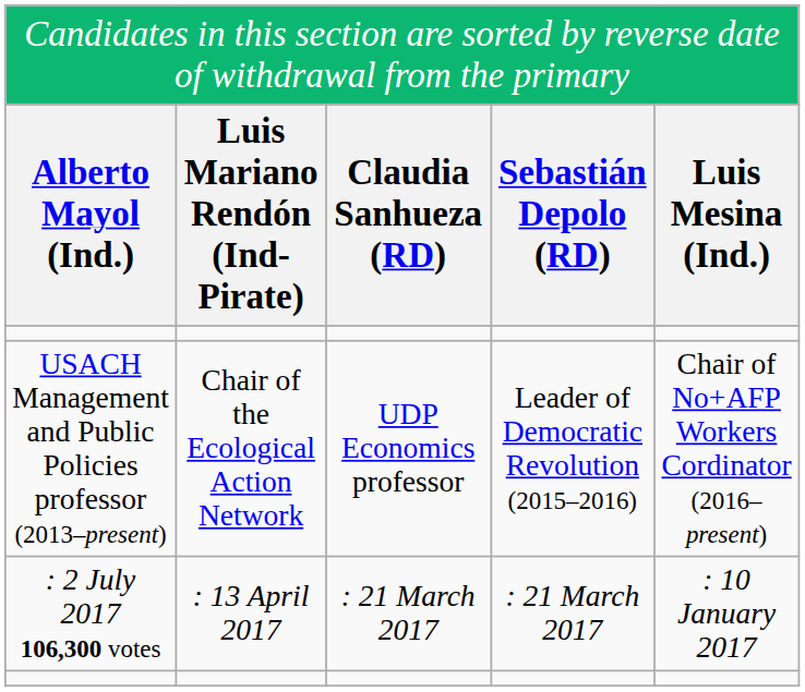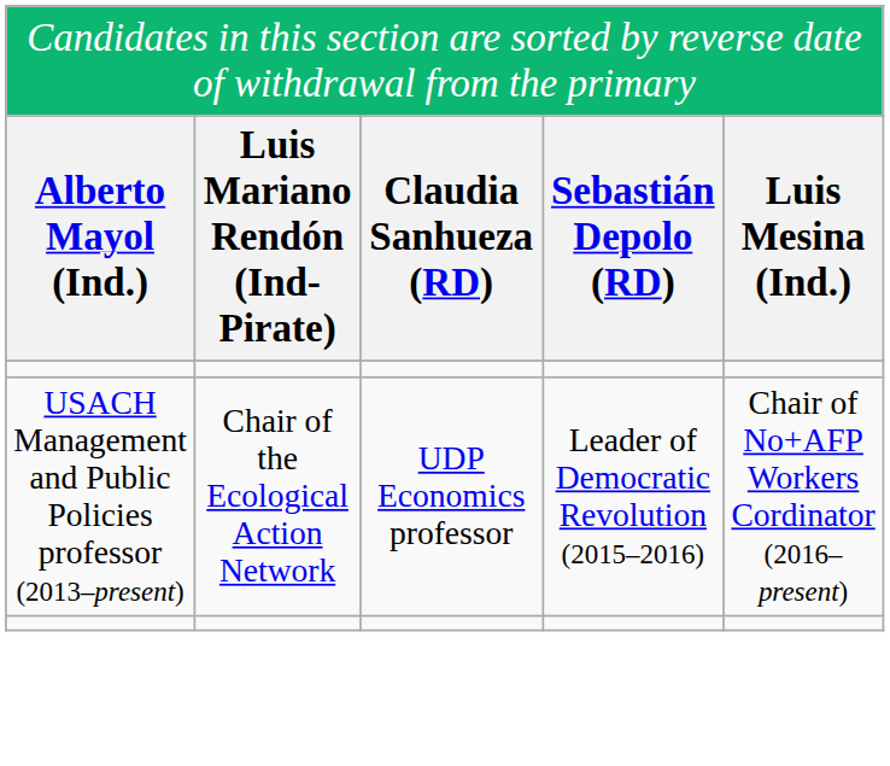 <table class="wikitable">
 <tr>
 <td colspan="5" style="text-align:center; font-size:120%; color:white; background:#0BB771;"><em>Candidates in this section are sorted by reverse date of withdrawal from the primary</em></td>
 </tr>
 <tr>
 <th scope="col" style="width:3em; font-size:120%;"><a href='#'>Alberto Mayol</a> (Ind.)</th>
 <th scope="col" style="width:3em; font-size:120%;">Luis Mariano Rendón (Ind-Pirate)</th>
 <th scope="col" style="width:3em; font-size:120%;">Claudia Sanhueza (<a href='#'>RD</a>)</th>
 <th scope="col" style="width:3em; font-size:120%;"><a href='#'>Sebastián Depolo</a> (<a href='#'>RD</a>)</th>
 <th scope="col" style="width:3em; font-size:120%;">Luis Mesina (Ind.)</th>
 </tr>
 <tr>
 <td></td>
 <td></td>
 <td></td>
 <td></td>
 <td></td>
 </tr>
 <tr style="text-align:center">
 <td><a href='#'>USACH</a> Management<br> and Public Policies professor<br><small>(2013–<em>present</em>)</small></td>
 <td>Chair of the<br><a href='#'>Ecological Action Network</a></td>
 <td><a href='#'>UDP</a> <br><a href='#'>Economics</a> professor</td>
 <td>Leader of<br><a href='#'>Democratic Revolution</a><br><small>(2015–2016)</small></td>
 <td>Chair of <br><a href='#'>No+AFP Workers Cordinator</a><br><small>(2016–<em>present</em>)</small></td>
 </tr>
 <tr style="text-align:center">
-<td><em>: 2 July 2017</em><br><small><strong>106,300</strong> votes</small></td>
-<td><em>: 13 April 2017</em></td>
-<td><em>: 21 March 2017</em></td>
-<td><em>: 21 March 2017</em></td>
-<td><em>: 10 January 2017</em></td>
-</tr>
-<tr style="text-align:center">
 <td></td>
 <td></td>
 <td></td>
 <td></td>
 <td></td>
 </tr>
 </table>
